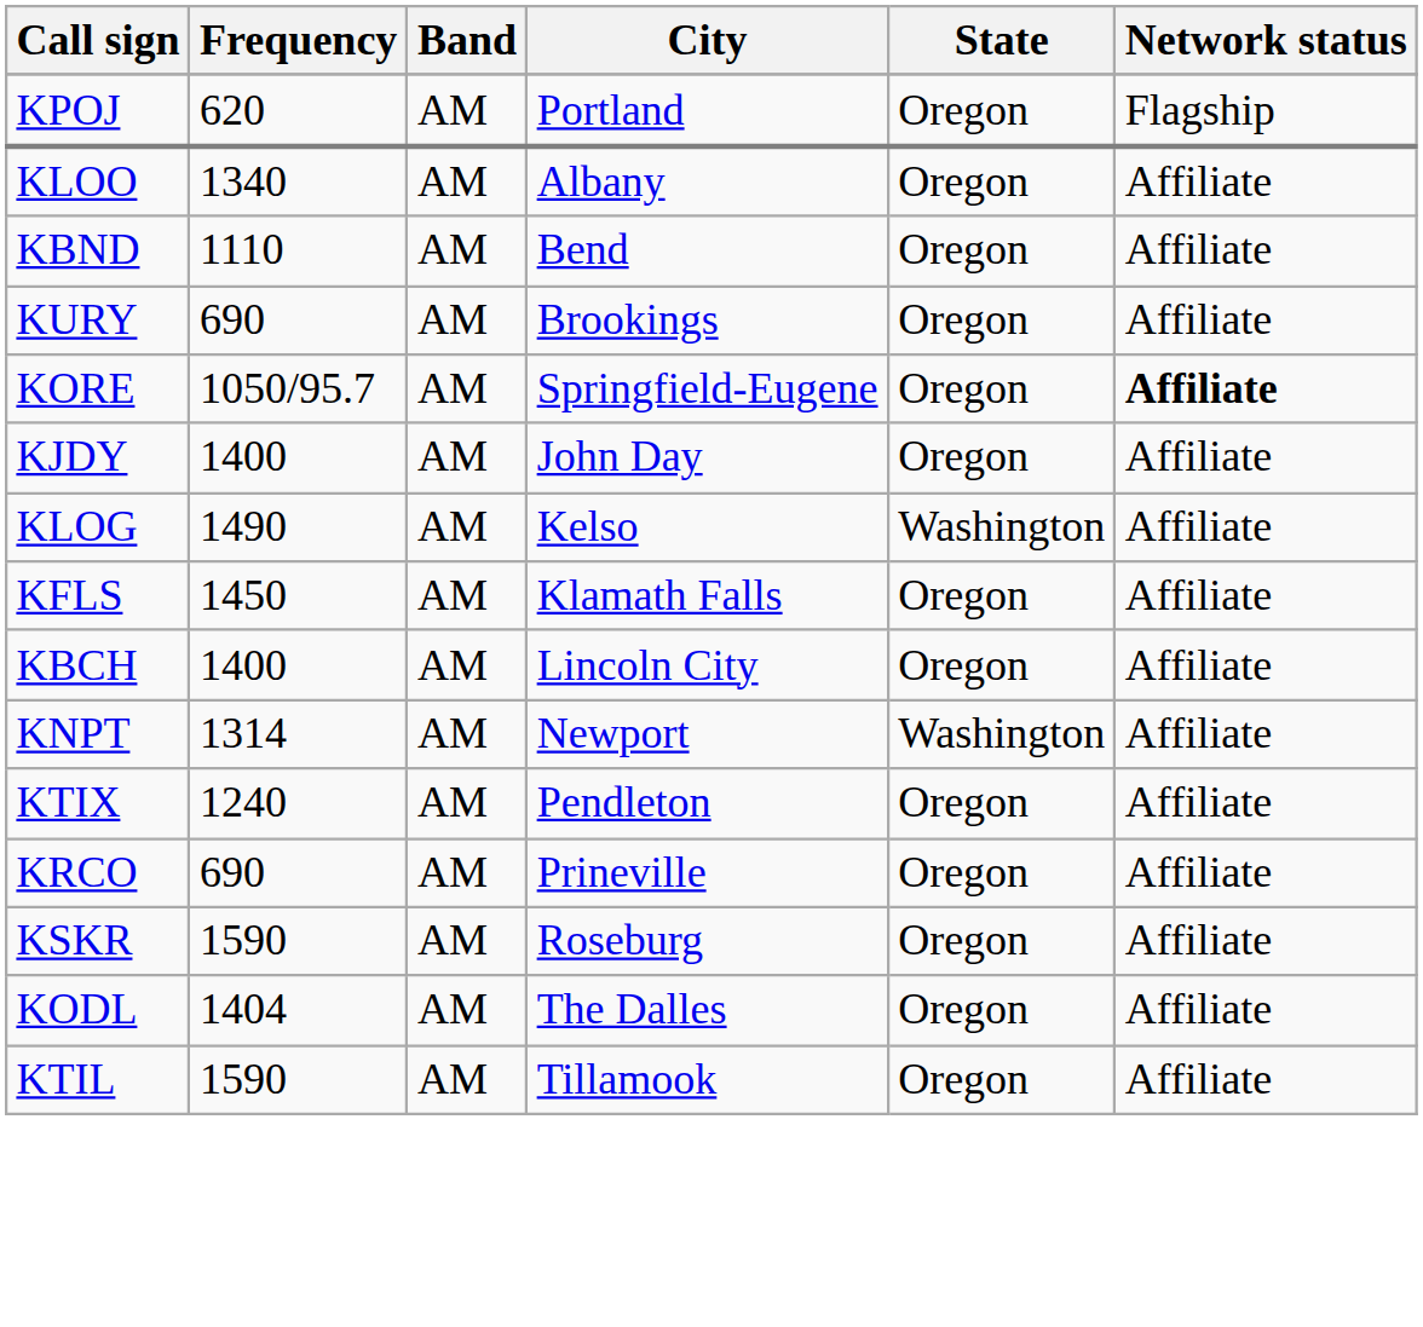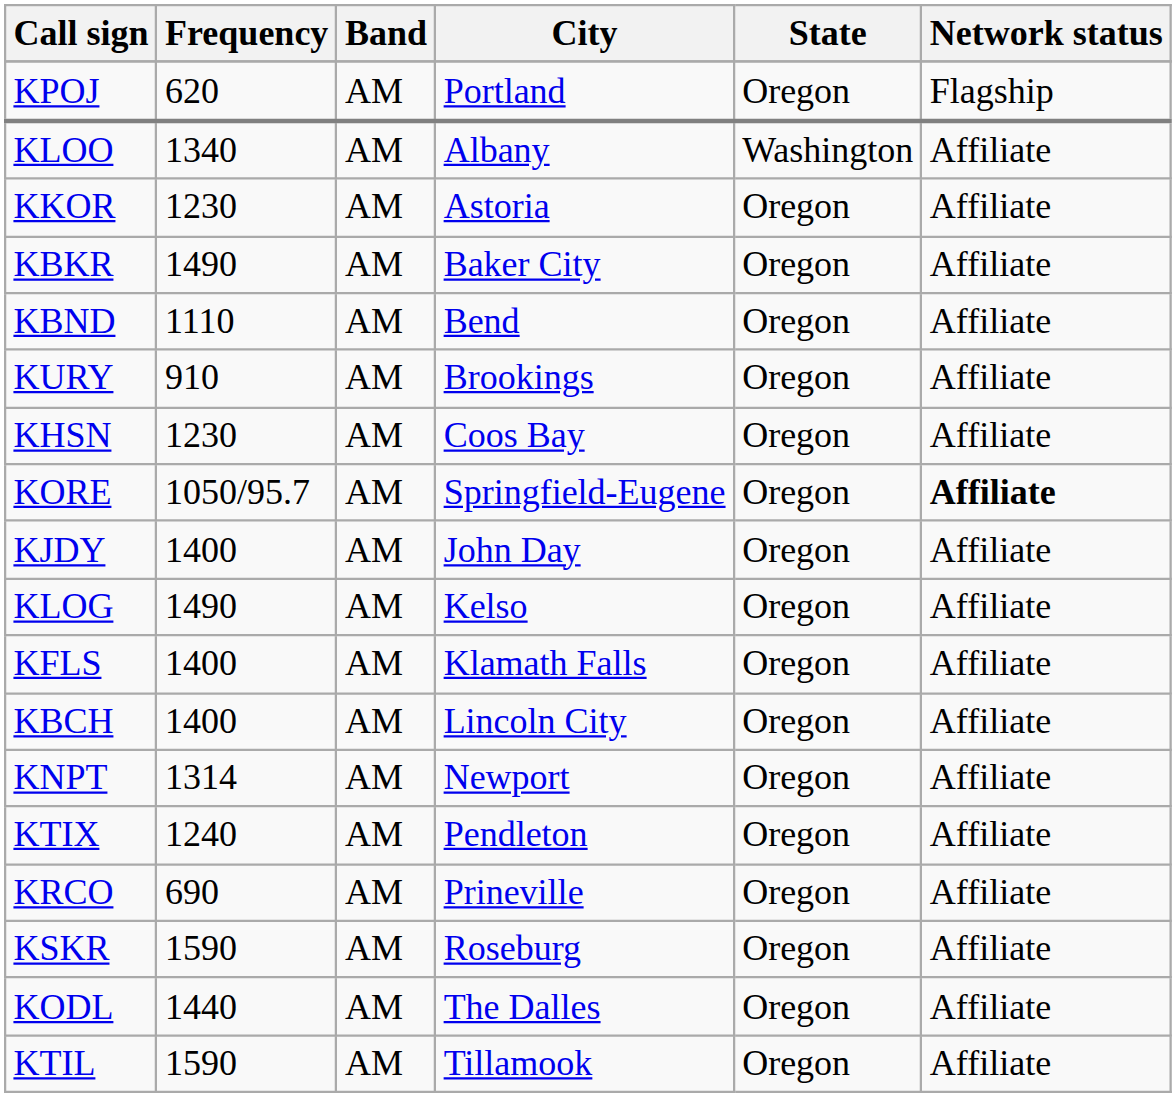 <table class="wikitable sortable" style="text-align:left">
 <tr>
 <th>Call sign</th>
 <th>Frequency</th>
 <th>Band</th>
 <th>City</th>
 <th>State</th>
 <th>Network status</th>
 </tr>
 <tr>
 </tr>
 <tr style="border-bottom: 2px solid grey">
 <td><a href='#'>KPOJ</a></td>
 <td>620</td>
 <td>AM</td>
 <td><a href='#'>Portland</a></td>
 <td>Oregon</td>
 <td>Flagship</td>
 </tr>
 <tr>
 <td><a href='#'>KLOO</a></td>
 <td>1340</td>
 <td>AM</td>
 <td><a href='#'>Albany</a></td>
+<td>Washington</td>
+<td>Affiliate</td>
+</tr>
+<tr>
+<td><a href='#'>KKOR</a></td>
+<td>1230</td>
+<td>AM</td>
+<td><a href='#'>Astoria</a></td>
+<td>Oregon</td>
+<td>Affiliate</td>
+</tr>
+<tr>
+<td><a href='#'>KBKR</a></td>
+<td>1490</td>
+<td>AM</td>
+<td><a href='#'>Baker City</a></td>
 <td>Oregon</td>
 <td>Affiliate</td>
 </tr>
 <tr>
 <td><a href='#'>KBND</a></td>
 <td>1110</td>
 <td>AM</td>
 <td><a href='#'>Bend</a></td>
 <td>Oregon</td>
 <td>Affiliate</td>
 </tr>
 <tr>
 <td><a href='#'>KURY</a></td>
-<td>690</td>
+<td>910</td>
 <td>AM</td>
 <td><a href='#'>Brookings</a></td>
+<td>Oregon</td>
+<td>Affiliate</td>
+</tr>
+<tr>
+<td><a href='#'>KHSN</a></td>
+<td>1230</td>
+<td>AM</td>
+<td><a href='#'>Coos Bay</a></td>
 <td>Oregon</td>
 <td>Affiliate</td>
 </tr>
 <tr>
 <td><a href='#'>KORE</a></td>
 <td>1050/95.7</td>
 <td>AM</td>
 <td><a href='#'>Springfield-Eugene</a></td>
 <td>Oregon</td>
 <td><strong>Affiliate</strong></td>
 </tr>
 <tr>
 <td><a href='#'>KJDY</a></td>
 <td>1400</td>
 <td>AM</td>
 <td><a href='#'>John Day</a></td>
 <td>Oregon</td>
 <td>Affiliate</td>
 </tr>
 <tr>
 <td><a href='#'>KLOG</a></td>
 <td>1490</td>
 <td>AM</td>
 <td><a href='#'>Kelso</a></td>
-<td>Washington</td>
+<td>Oregon</td>
 <td>Affiliate</td>
 </tr>
 <tr>
 <td><a href='#'>KFLS</a></td>
-<td>1450</td>
+<td>1400</td>
 <td>AM</td>
 <td><a href='#'>Klamath Falls</a></td>
 <td>Oregon</td>
 <td>Affiliate</td>
 </tr>
 <tr>
 <td><a href='#'>KBCH</a></td>
 <td>1400</td>
 <td>AM</td>
 <td><a href='#'>Lincoln City</a></td>
 <td>Oregon</td>
 <td>Affiliate</td>
 </tr>
 <tr>
 <td><a href='#'>KNPT</a></td>
 <td>1314</td>
 <td>AM</td>
 <td><a href='#'>Newport</a></td>
-<td>Washington</td>
+<td>Oregon</td>
 <td>Affiliate</td>
 </tr>
 <tr>
 <td><a href='#'>KTIX</a></td>
 <td>1240</td>
 <td>AM</td>
 <td><a href='#'>Pendleton</a></td>
 <td>Oregon</td>
 <td>Affiliate</td>
 </tr>
 <tr>
 <td><a href='#'>KRCO</a></td>
 <td>690</td>
 <td>AM</td>
 <td><a href='#'>Prineville</a></td>
 <td>Oregon</td>
 <td>Affiliate</td>
 </tr>
 <tr>
 <td><a href='#'>KSKR</a></td>
 <td>1590</td>
 <td>AM</td>
 <td><a href='#'>Roseburg</a></td>
 <td>Oregon</td>
 <td>Affiliate</td>
 </tr>
 <tr>
 <td><a href='#'>KODL</a></td>
-<td>1404</td>
+<td>1440</td>
 <td>AM</td>
 <td><a href='#'>The Dalles</a></td>
 <td>Oregon</td>
 <td>Affiliate</td>
 </tr>
 <tr>
 <td><a href='#'>KTIL</a></td>
 <td>1590</td>
 <td>AM</td>
 <td><a href='#'>Tillamook</a></td>
 <td>Oregon</td>
 <td>Affiliate</td>
 </tr>
 </table>
